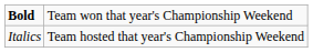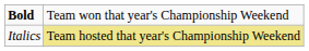 <table class="wikitable">
 <tr>
 <td><strong>Bold</strong></td>
 <td>Team won that year's Championship Weekend</td>
 </tr>
 <tr>
 <td><em>Italics</em></td>
-<td>Team hosted that year's Championship Weekend</td>
+<td style="background: khaki;">Team hosted that year's Championship Weekend</td>
 </tr>
 </table>
